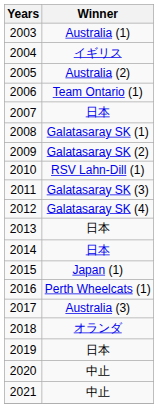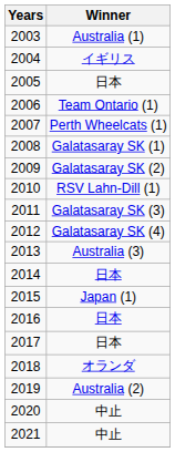 <table class="wikitable" style="text-align: center">
 <tr>
 <th>Years</th>
 <th>Winner</th>
 </tr>
 <tr>
 <td>2003</td>
 <td><a href='#'>Australia</a> (1)</td>
 </tr>
 <tr>
 <td>2004</td>
 <td><a href='#'>イギリス</a></td>
 </tr>
 <tr>
 <td>2005</td>
-<td><a href='#'>Australia</a> (2)</td>
+<td>日本</td>
 </tr>
 <tr>
 <td>2006</td>
 <td><a href='#'>Team Ontario</a> (1)</td>
 </tr>
 <tr>
 <td>2007</td>
-<td><a href='#'>日本</a></td>
+<td><a href='#'>Perth Wheelcats</a> (1)</td>
 </tr>
 <tr>
 <td>2008</td>
 <td><a href='#'>Galatasaray SK</a> (1)</td>
 </tr>
 <tr>
 <td>2009</td>
 <td><a href='#'>Galatasaray SK</a> (2)</td>
 </tr>
 <tr>
 <td>2010</td>
 <td><a href='#'>RSV Lahn-Dill</a> (1)</td>
 </tr>
 <tr>
 <td>2011</td>
 <td><a href='#'>Galatasaray SK</a> (3)</td>
 </tr>
 <tr>
 <td>2012</td>
 <td><a href='#'>Galatasaray SK</a> (4)</td>
 </tr>
 <tr>
 <td>2013</td>
-<td>日本</td>
+<td><a href='#'>Australia</a> (3)</td>
 </tr>
 <tr>
 <td>2014</td>
 <td><a href='#'>日本</a></td>
 </tr>
 <tr>
 <td>2015</td>
 <td><a href='#'>Japan</a> (1)</td>
 </tr>
 <tr>
 <td>2016</td>
-<td><a href='#'>Perth Wheelcats</a> (1)</td>
+<td><a href='#'>日本</a></td>
 </tr>
 <tr>
 <td>2017</td>
-<td><a href='#'>Australia</a> (3)</td>
+<td>日本</td>
 </tr>
 <tr>
 <td>2018</td>
 <td><a href='#'>オランダ</a></td>
 </tr>
 <tr>
 <td>2019</td>
-<td>日本</td>
+<td><a href='#'>Australia</a> (2)</td>
 </tr>
 <tr>
 <td>2020</td>
 <td>中止</td>
 </tr>
 <tr>
 <td>2021</td>
 <td>中止</td>
 </tr>
 <tr>
 </tr>
 </table>
